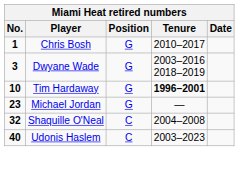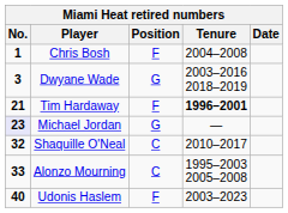 <table class="wikitable sortable" style="text-align:center;">
 <tr>
 <th colspan="5">Miami Heat retired numbers</th>
 </tr>
 <tr>
 <th>No.</th>
 <th>Player</th>
 <th>Position</th>
 <th>Tenure</th>
 <th>Date</th>
 </tr>
 <tr>
 <td><strong>1</strong></td>
 <td><a href='#'>Chris Bosh</a></td>
-<td><a href='#'>G</a></td>
-<td>2010–2017</td>
+<td><a href='#'>F</a></td>
+<td>2004–2008</td>
 <td></td>
 </tr>
 <tr>
 <td><strong>3</strong></td>
 <td><a href='#'>Dwyane Wade</a></td>
 <td><a href='#'>G</a></td>
 <td>2003–2016<br>2018–2019</td>
 <td></td>
 </tr>
 <tr>
-<td><strong>10</strong></td>
+<td><strong>21</strong></td>
 <td><a href='#'>Tim Hardaway</a></td>
-<td><a href='#'>G</a></td>
+<td><a href='#'>F</a></td>
 <td><strong>1996–2001</strong></td>
 <td></td>
 </tr>
 <tr>
-<td><strong>23</strong></td>
+<td style="background: lavender;"><strong>23</strong></td>
 <td><a href='#'>Michael Jordan</a></td>
 <td><a href='#'>G</a></td>
 <td>—</td>
 <td></td>
 </tr>
 <tr>
 <td><strong>32</strong></td>
 <td><a href='#'>Shaquille O'Neal</a></td>
 <td><a href='#'>C</a></td>
-<td>2004–2008</td>
+<td>2010–2017</td>
+<td></td>
+</tr>
+<tr>
+<td><strong>33</strong></td>
+<td><a href='#'>Alonzo Mourning</a></td>
+<td><a href='#'>C</a></td>
+<td>1995–2003<br>2005–2008</td>
 <td></td>
 </tr>
 <tr>
 <td><strong>40</strong></td>
 <td><a href='#'>Udonis Haslem</a></td>
-<td><a href='#'>C</a></td>
+<td><a href='#'>F</a></td>
 <td>2003–2023</td>
 <td></td>
 </tr>
 </table>
